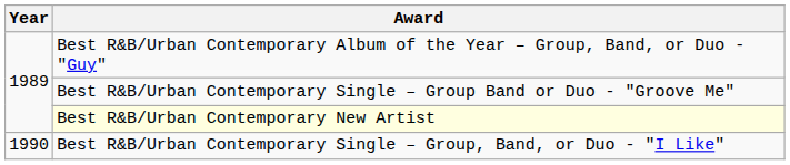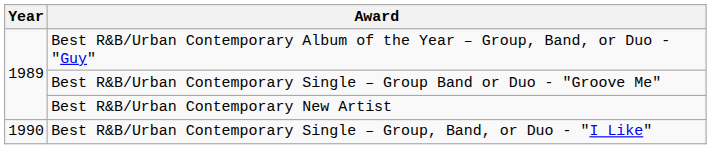 <table class="wikitable">
 <tr>
 <th>Year</th>
 <th>Award</th>
 </tr>
 <tr>
 <td rowspan="3">1989</td>
 <td>Best R&B/Urban Contemporary Album of the Year – Group, Band, or Duo - "<a href='#'>Guy</a>"</td>
 </tr>
 <tr>
 <td>Best R&B/Urban Contemporary Single – Group Band or Duo - "Groove Me"</td>
 </tr>
 <tr>
-<td style="background: lightyellow;">Best R&B/Urban Contemporary New Artist</td>
+<td>Best R&B/Urban Contemporary New Artist</td>
 </tr>
 <tr>
 <td>1990</td>
 <td>Best R&B/Urban Contemporary Single – Group, Band, or Duo - "<a href='#'>I Like</a>"</td>
 </tr>
 </table>
